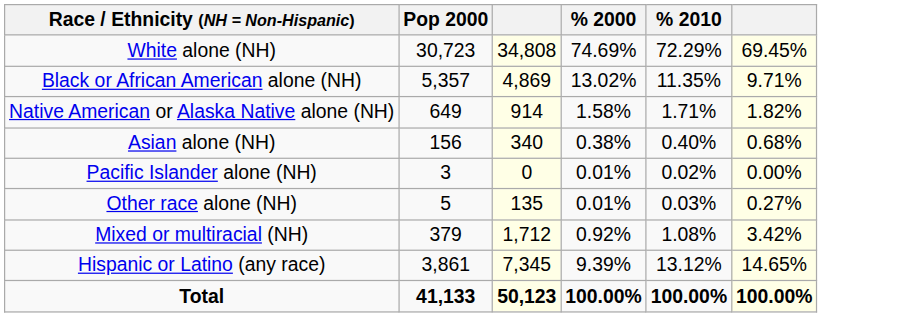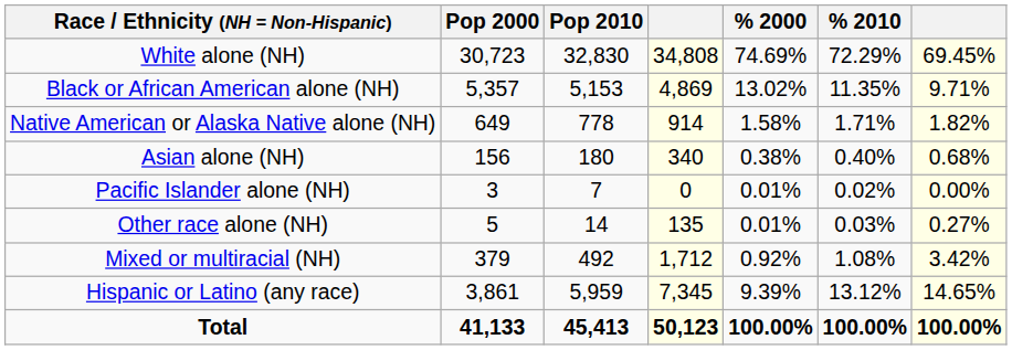 <table class="wikitable" style="text-align:center;">
 <tr>
 <th>Race / Ethnicity <small>(<em>NH = Non-Hispanic</em>)</small></th>
 <th>Pop 2000</th>
+<th>Pop 2010</th>
 <th></th>
 <th>% 2000</th>
 <th>% 2010</th>
 <th></th>
 </tr>
 <tr>
 <td><a href='#'>White</a> alone (NH)</td>
 <td>30,723</td>
+<td>32,830</td>
 <td style='background: #ffffe6;'>34,808</td>
 <td>74.69%</td>
 <td>72.29%</td>
 <td style='background: #ffffe6;'>69.45%</td>
 </tr>
 <tr>
 <td><a href='#'>Black or African American</a> alone (NH)</td>
 <td>5,357</td>
+<td>5,153</td>
 <td style='background: #ffffe6;'>4,869</td>
 <td>13.02%</td>
 <td>11.35%</td>
 <td style='background: #ffffe6;'>9.71%</td>
 </tr>
 <tr>
 <td><a href='#'>Native American</a> or <a href='#'>Alaska Native</a> alone (NH)</td>
 <td>649</td>
+<td>778</td>
 <td style='background: #ffffe6;'>914</td>
 <td>1.58%</td>
 <td>1.71%</td>
 <td style='background: #ffffe6;'>1.82%</td>
 </tr>
 <tr>
 <td><a href='#'>Asian</a> alone (NH)</td>
 <td>156</td>
+<td>180</td>
 <td style='background: #ffffe6;'>340</td>
 <td>0.38%</td>
 <td>0.40%</td>
 <td style='background: #ffffe6;'>0.68%</td>
 </tr>
 <tr>
 <td><a href='#'>Pacific Islander</a> alone (NH)</td>
 <td>3</td>
+<td>7</td>
 <td style='background: #ffffe6;'>0</td>
 <td>0.01%</td>
 <td>0.02%</td>
 <td style='background: #ffffe6;'>0.00%</td>
 </tr>
 <tr>
 <td><a href='#'>Other race</a> alone (NH)</td>
 <td>5</td>
+<td>14</td>
 <td style='background: #ffffe6;'>135</td>
 <td>0.01%</td>
 <td>0.03%</td>
 <td style='background: #ffffe6;'>0.27%</td>
 </tr>
 <tr>
 <td><a href='#'>Mixed or multiracial</a> (NH)</td>
 <td>379</td>
+<td>492</td>
 <td style='background: #ffffe6;'>1,712</td>
 <td>0.92%</td>
 <td>1.08%</td>
 <td style='background: #ffffe6;'>3.42%</td>
 </tr>
 <tr>
 <td><a href='#'>Hispanic or Latino</a> (any race)</td>
 <td>3,861</td>
+<td>5,959</td>
 <td style='background: #ffffe6;'>7,345</td>
 <td>9.39%</td>
 <td>13.12%</td>
 <td style='background: #ffffe6;'>14.65%</td>
 </tr>
 <tr>
 <td><strong>Total</strong></td>
 <td><strong>41,133</strong></td>
+<td><strong>45,413</strong></td>
 <td style='background: #ffffe6;'><strong>50,123</strong></td>
 <td><strong>100.00%</strong></td>
 <td><strong>100.00%</strong></td>
 <td style='background: #ffffe6;'><strong>100.00%</strong></td>
 </tr>
 </table>
